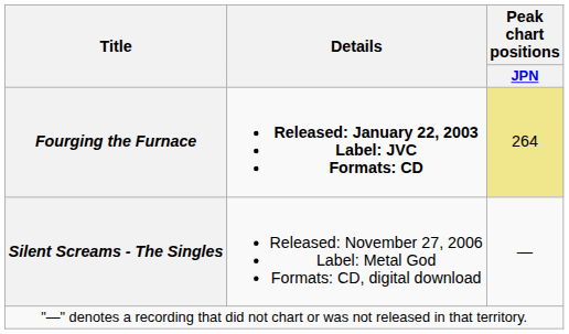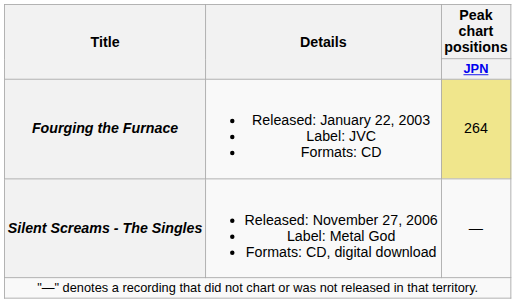 <table class="wikitable plainrowheaders" style="text-align:center;">
 <tr>
 <th scope="col" rowspan="2">Title</th>
 <th scope="col" rowspan="2">Details</th>
 <th scope="col">Peak chart positions</th>
 </tr>
 <tr>
 <th scope="col" style="width:3em;font-size:90%;"><a href='#'>JPN</a><br></th>
 </tr>
 <tr>
 <th scope="row"><em>Fourging the Furnace</em></th>
-<td><strong><br><ul><li>Released: January 22, 2003</li><li>Label: JVC</li><li>Formats: CD</li></ul></strong></td>
+<td><br><ul><li>Released: January 22, 2003</li><li>Label: JVC</li><li>Formats: CD</li></ul></td>
 <td style="background: khaki;">264</td>
 </tr>
 <tr>
 <th scope="row"><em>Silent Screams - The Singles</em></th>
 <td><br><ul><li>Released: November 27, 2006</li><li>Label: Metal God</li><li>Formats: CD, digital download</li></ul></td>
 <td>—</td>
 </tr>
 <tr>
 <td colspan="15" style="font-size:90%">"—" denotes a recording that did not chart or was not released in that territory.</td>
 </tr>
 </table>
